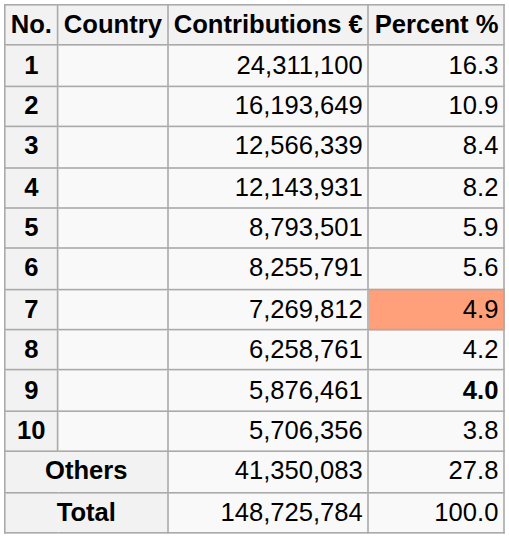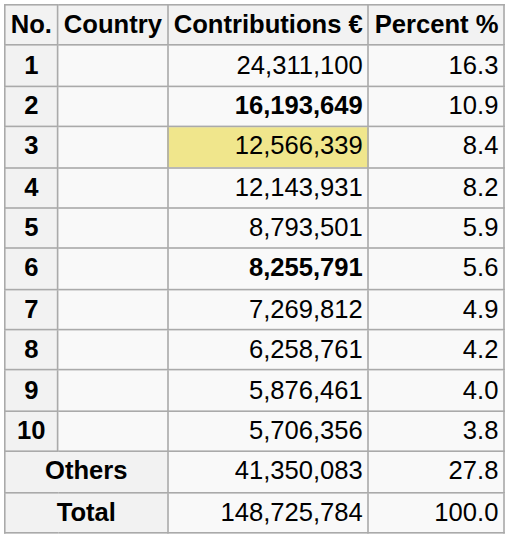 <table class="wikitable floatright" style="text-align: right;">
 <tr>
 <th scope="col">No.</th>
 <th scope="col">Country</th>
 <th scope="col">Contributions €</th>
 <th scope="col">Percent %</th>
 </tr>
 <tr>
 <th scope="row">1</th>
 <td style="text-align: left;"></td>
 <td>24,311,100</td>
 <td>16.3</td>
 </tr>
 <tr>
 <th scope="row">2</th>
 <td style="text-align: left;"></td>
-<td>16,193,649</td>
+<td><strong>16,193,649</strong></td>
 <td>10.9</td>
 </tr>
 <tr>
 <th scope="row">3</th>
 <td style="text-align: left;"></td>
-<td>12,566,339</td>
+<td style="background: khaki;">12,566,339</td>
 <td>8.4</td>
 </tr>
 <tr>
 <th scope="row">4</th>
 <td style="text-align: left;"></td>
 <td>12,143,931</td>
 <td>8.2</td>
 </tr>
 <tr>
 <th scope="row">5</th>
 <td style="text-align: left;"></td>
 <td>8,793,501</td>
 <td>5.9</td>
 </tr>
 <tr>
 <th scope="row">6</th>
 <td style="text-align: left;"></td>
-<td>8,255,791</td>
+<td><strong>8,255,791</strong></td>
 <td>5.6</td>
 </tr>
 <tr>
 <th scope="row">7</th>
 <td style="text-align: left;"></td>
 <td>7,269,812</td>
-<td style="background: lightsalmon;">4.9</td>
+<td>4.9</td>
 </tr>
 <tr>
 <th scope="row">8</th>
 <td style="text-align: left;"></td>
 <td>6,258,761</td>
 <td>4.2</td>
 </tr>
 <tr>
 <th scope="row">9</th>
 <td style="text-align: left;"></td>
 <td>5,876,461</td>
-<td><strong>4.0</strong></td>
+<td>4.0</td>
 </tr>
 <tr>
 <th scope="row">10</th>
 <td style="text-align: left;"></td>
 <td>5,706,356</td>
 <td>3.8</td>
 </tr>
 <tr>
 <th colspan=2 style="text-align: center;">Others</th>
 <td>41,350,083</td>
 <td>27.8</td>
 </tr>
 <tr>
 <th colspan=2 style="text-align: center;">Total</th>
 <td>148,725,784</td>
 <td>100.0</td>
 </tr>
 </table>
